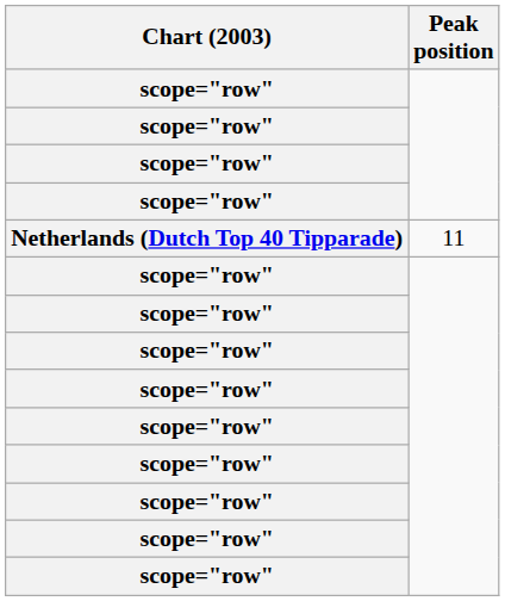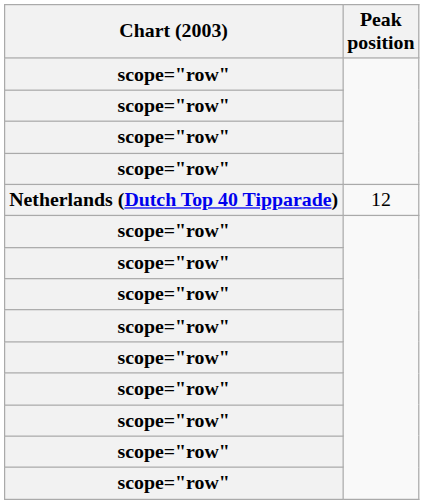 <table class="wikitable sortable plainrowheaders" style="text-align:center">
 <tr>
 <th scope="col">Chart (2003)</th>
 <th scope="col">Peak<br>position</th>
 </tr>
 <tr>
 <th>scope="row"</th>
 </tr>
 <tr>
 <th>scope="row"</th>
 </tr>
 <tr>
 <th>scope="row"</th>
 </tr>
 <tr>
 <th>scope="row"</th>
 </tr>
 <tr>
 <th scope="row">Netherlands (<a href='#'>Dutch Top 40 Tipparade</a>)</th>
-<td>11</td>
+<td>12</td>
 </tr>
 <tr>
 <th>scope="row"</th>
 </tr>
 <tr>
 <th>scope="row"</th>
 </tr>
 <tr>
 <th>scope="row"</th>
 </tr>
 <tr>
 <th>scope="row"</th>
 </tr>
 <tr>
 <th>scope="row"</th>
 </tr>
 <tr>
 <th>scope="row"</th>
 </tr>
 <tr>
 <th>scope="row"</th>
 </tr>
 <tr>
 <th>scope="row"</th>
 </tr>
 <tr>
 <th>scope="row"</th>
 </tr>
 </table>
